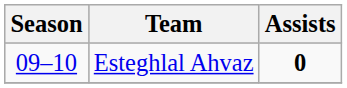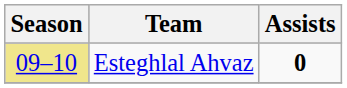 <table class="wikitable" style="text-align: center;">
 <tr>
 <th>Season</th>
 <th>Team</th>
 <th>Assists</th>
 </tr>
 <tr>
-<td><a href='#'>09–10</a></td>
+<td style="background: khaki;"><a href='#'>09–10</a></td>
 <td align="left"><a href='#'>Esteghlal Ahvaz</a></td>
 <td><strong>0</strong></td>
 </tr>
 <tr>
 </tr>
 </table>
